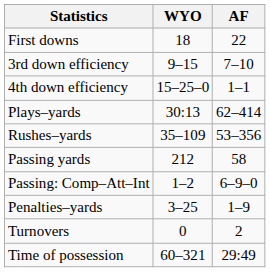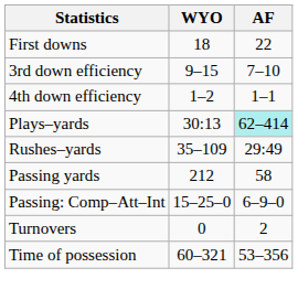 <table class="wikitable">
 <tr>
 <th>Statistics</th>
 <th>WYO</th>
 <th>AF</th>
 </tr>
 <tr>
 <td>First downs</td>
 <td align=center>18</td>
 <td align=center>22</td>
 </tr>
 <tr>
 <td>3rd down efficiency</td>
 <td align=center>9–15</td>
 <td align=center>7–10</td>
 </tr>
 <tr>
 <td>4th down efficiency</td>
-<td align=center>15–25–0</td>
+<td align=center>1–2</td>
 <td align=center>1–1</td>
 </tr>
 <tr>
 <td>Plays–yards</td>
 <td align=center>30:13</td>
-<td align=center>62–414</td>
+<td align=center style="background: paleturquoise;">62–414</td>
 </tr>
 <tr>
 <td>Rushes–yards</td>
 <td align=center>35–109</td>
-<td align=center>53–356</td>
+<td align=center>29:49</td>
 </tr>
 <tr>
 <td>Passing yards</td>
 <td align=center>212</td>
 <td align=center>58</td>
 </tr>
 <tr>
 <td>Passing: Comp–Att–Int</td>
-<td align=center>1–2</td>
+<td align=center>15–25–0</td>
 <td align=center>6–9–0</td>
-</tr>
-<tr>
-<td>Penalties–yards</td>
-<td align=center>3–25</td>
-<td align=center>1–9</td>
 </tr>
 <tr>
 <td>Turnovers</td>
 <td align=center>0</td>
 <td align=center>2</td>
 </tr>
 <tr>
 <td>Time of possession</td>
 <td align=center>60–321</td>
-<td align=center>29:49</td>
+<td align=center>53–356</td>
 </tr>
 </table>
